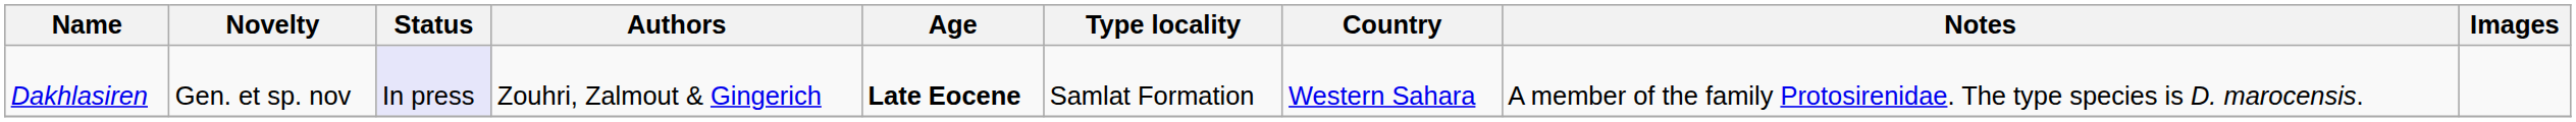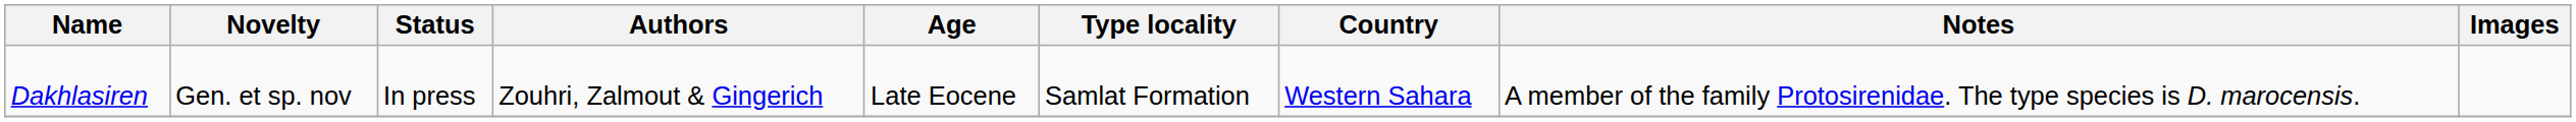 <table class="wikitable sortable" align="center" width="100%">
 <tr>
 <th>Name</th>
 <th>Novelty</th>
 <th>Status</th>
 <th>Authors</th>
 <th>Age</th>
 <th>Type locality</th>
 <th>Country</th>
 <th>Notes</th>
 <th>Images</th>
 </tr>
 <tr>
 <td><br><em><a href='#'>Dakhlasiren</a></em></td>
 <td><br>Gen. et sp. nov</td>
-<td style="background: lavender;"><br>In press</td>
+<td><br>In press</td>
 <td><br>Zouhri, Zalmout & <a href='#'>Gingerich</a></td>
-<td><strong><br>Late Eocene</strong></td>
+<td><br>Late Eocene</td>
 <td><br>Samlat Formation</td>
 <td><br><a href='#'>Western Sahara</a></td>
 <td><br>A member of the family <a href='#'>Protosirenidae</a>. The type species is <em>D. marocensis</em>.</td>
 <td></td>
 </tr>
 <tr>
 </tr>
 </table>
